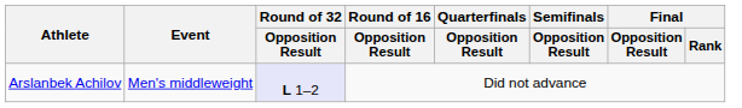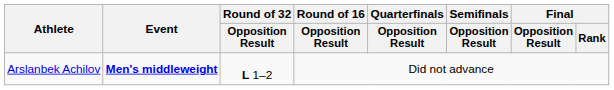 <table class="wikitable" style="font-size:90%">
 <tr>
 <th rowspan="2">Athlete</th>
 <th rowspan="2">Event</th>
 <th>Round of 32</th>
 <th>Round of 16</th>
 <th>Quarterfinals</th>
 <th>Semifinals</th>
 <th colspan=2>Final</th>
 </tr>
 <tr style="font-size:95%">
 <th>Opposition<br>Result</th>
 <th>Opposition<br>Result</th>
 <th>Opposition<br>Result</th>
 <th>Opposition<br>Result</th>
 <th>Opposition<br>Result</th>
 <th>Rank</th>
 </tr>
 <tr align=center>
 <td align=left><a href='#'>Arslanbek Achilov</a></td>
-<td align=left><a href='#'>Men's middleweight</a></td>
-<td style="background: lavender;"><br><strong>L</strong> 1–2</td>
+<td align=left><strong><a href='#'>Men's middleweight</a></strong></td>
+<td><br><strong>L</strong> 1–2</td>
 <td colspan=5>Did not advance</td>
 </tr>
 </table>
